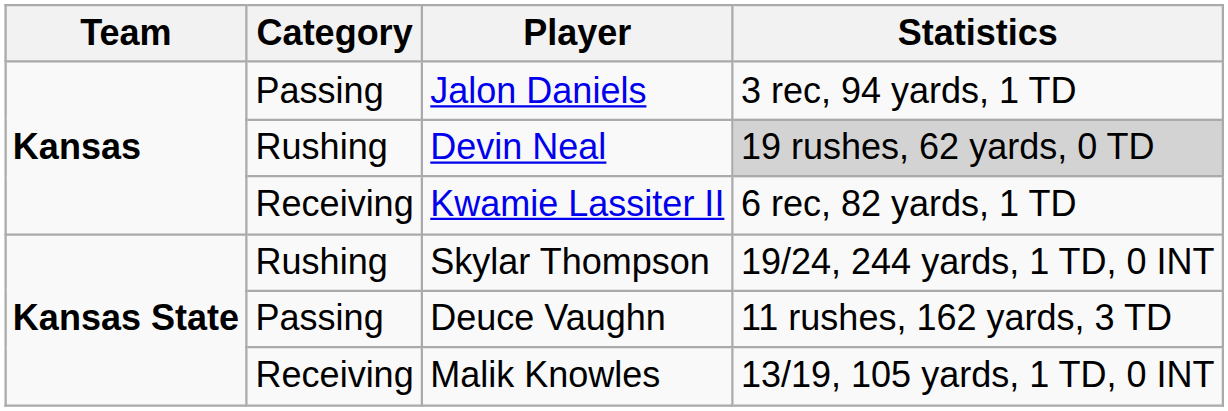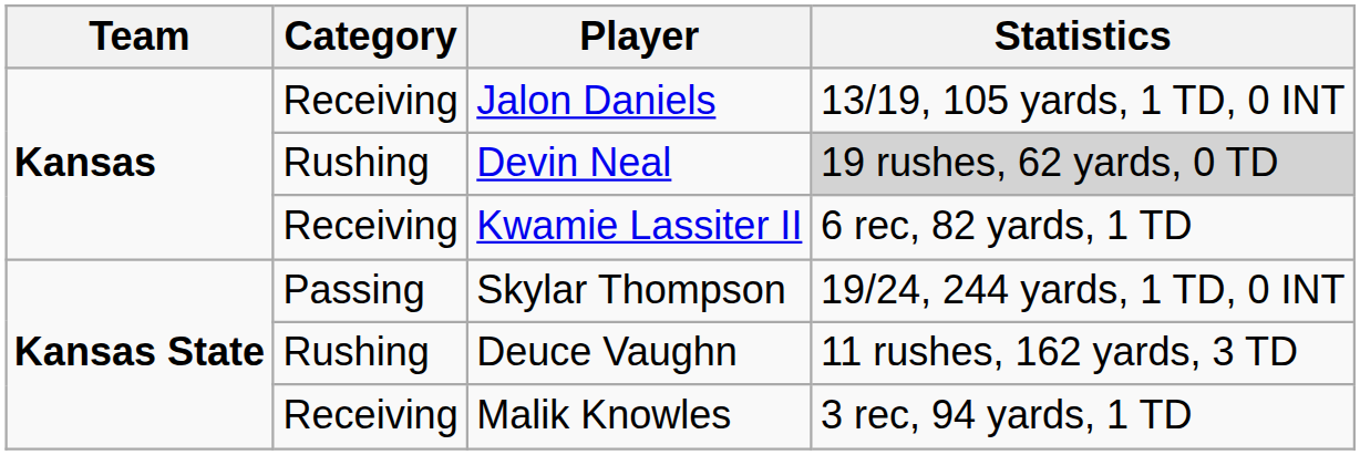 <table class="wikitable" style="float: right;">
 <tr>
 <th>Team</th>
 <th>Category</th>
 <th>Player</th>
 <th>Statistics</th>
 </tr>
 <tr>
 <td rowspan=3><strong>Kansas</strong></td>
-<td>Passing</td>
+<td>Receiving</td>
 <td><a href='#'>Jalon Daniels</a></td>
-<td>3 rec, 94 yards, 1 TD</td>
+<td>13/19, 105 yards, 1 TD, 0 INT</td>
 </tr>
 <tr>
 <td>Rushing</td>
 <td><a href='#'>Devin Neal</a></td>
 <td style="background: lightgrey;">19 rushes, 62 yards, 0 TD</td>
 </tr>
 <tr>
 <td>Receiving</td>
 <td><a href='#'>Kwamie Lassiter II</a></td>
 <td>6 rec, 82 yards, 1 TD</td>
 </tr>
 <tr>
 <td rowspan=3><strong>Kansas State</strong></td>
-<td>Rushing</td>
+<td>Passing</td>
 <td>Skylar Thompson</td>
 <td>19/24, 244 yards, 1 TD, 0 INT</td>
 </tr>
 <tr>
-<td>Passing</td>
+<td>Rushing</td>
 <td>Deuce Vaughn</td>
 <td>11 rushes, 162 yards, 3 TD</td>
 </tr>
 <tr>
 <td>Receiving</td>
 <td>Malik Knowles</td>
-<td>13/19, 105 yards, 1 TD, 0 INT</td>
+<td>3 rec, 94 yards, 1 TD</td>
 </tr>
 </table>
